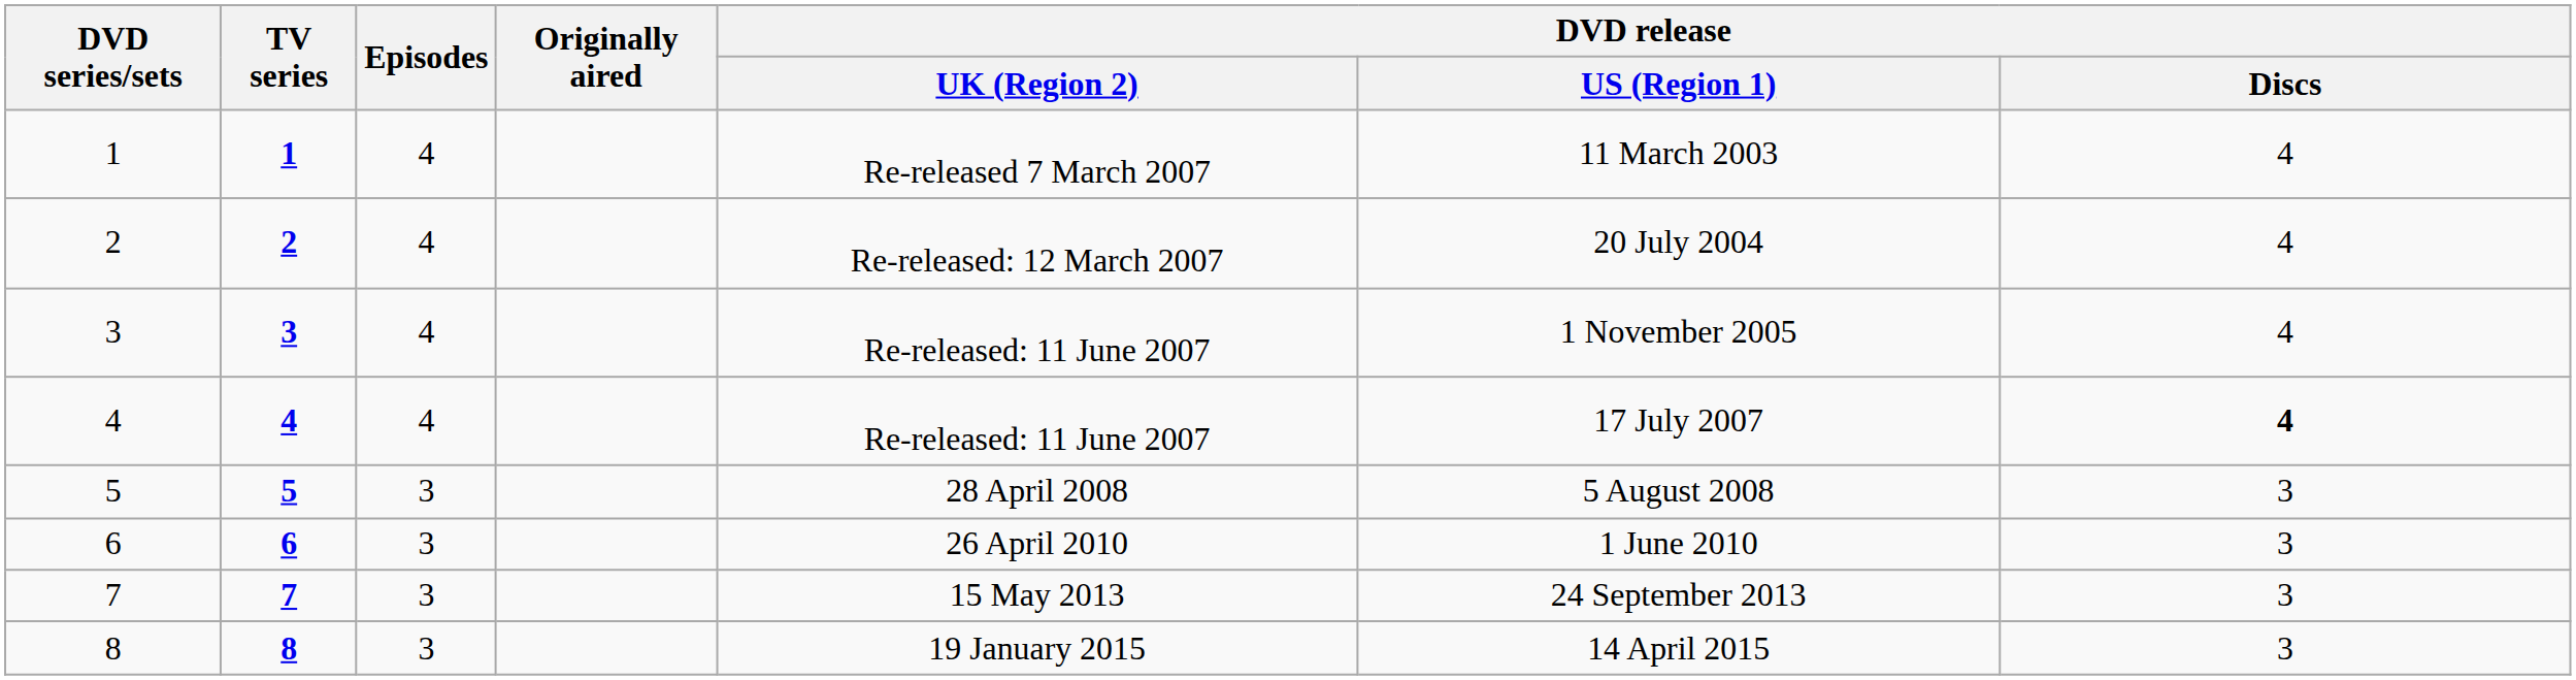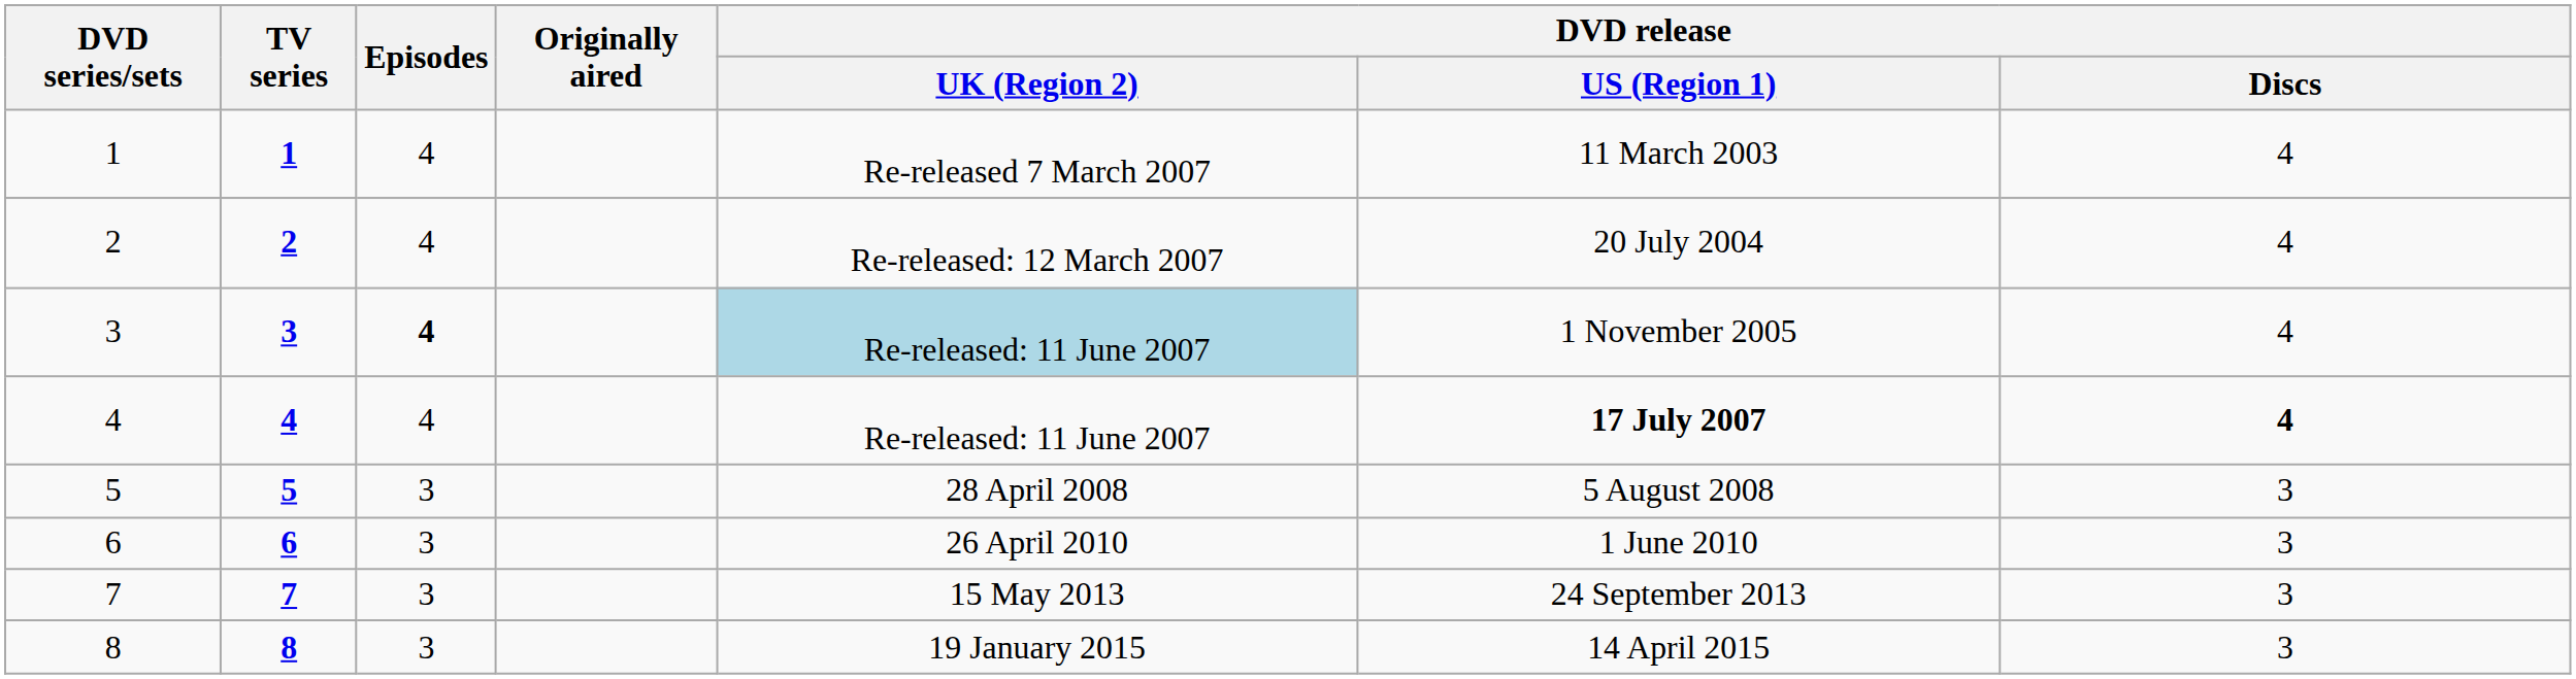 <table class="wikitable" style="width:99%; text-align:center;">
 <tr>
 <th rowspan="2">DVD series/sets</th>
 <th rowspan="2">TV series</th>
 <th rowspan="2">Episodes</th>
 <th rowspan="2" style="width:100px;">Originally aired</th>
 <th colspan="4" style="width:550px;">DVD release</th>
 </tr>
 <tr>
 <th style="width:25%;"><a href='#'>UK (Region 2)</a></th>
 <th style="width:25%;"><a href='#'>US (Region 1)</a></th>
 <th style="width:50px; text-align:center;">Discs</th>
 </tr>
 <tr>
 <td>1</td>
 <td><strong><a href='#'>1</a></strong></td>
 <td>4</td>
 <td></td>
 <td><br>Re-released 7 March 2007</td>
 <td>11 March 2003</td>
 <td>4</td>
 </tr>
 <tr>
 <td>2</td>
 <td><strong><a href='#'>2</a></strong></td>
 <td>4</td>
 <td></td>
 <td><br>Re-released: 12 March 2007</td>
 <td>20 July 2004</td>
 <td>4</td>
 </tr>
 <tr>
 <td>3</td>
 <td><strong><a href='#'>3</a></strong></td>
-<td>4</td>
+<td><strong>4</strong></td>
 <td></td>
-<td><br>Re-released: 11 June 2007</td>
+<td style="background: lightblue;"><br>Re-released: 11 June 2007</td>
 <td>1 November 2005</td>
 <td>4</td>
 </tr>
 <tr>
 <td>4</td>
 <td><strong><a href='#'>4</a></strong></td>
 <td>4</td>
 <td></td>
 <td><br>Re-released: 11 June 2007</td>
-<td>17 July 2007</td>
+<td><strong>17 July 2007</strong></td>
 <td><strong>4</strong></td>
 </tr>
 <tr>
 <td>5</td>
 <td><strong><a href='#'>5</a></strong></td>
 <td>3</td>
 <td></td>
 <td>28 April 2008</td>
 <td>5 August 2008</td>
 <td>3</td>
 </tr>
 <tr>
 <td>6</td>
 <td><strong><a href='#'>6</a></strong></td>
 <td>3</td>
 <td></td>
 <td>26 April 2010</td>
 <td>1 June 2010</td>
 <td>3</td>
 </tr>
 <tr>
 <td>7</td>
 <td><strong><a href='#'>7</a></strong></td>
 <td>3</td>
 <td></td>
 <td>15 May 2013</td>
 <td>24 September 2013</td>
 <td>3</td>
 </tr>
 <tr>
 <td>8</td>
 <td><strong><a href='#'>8</a></strong></td>
 <td>3</td>
 <td></td>
 <td>19 January 2015</td>
 <td>14 April 2015</td>
 <td>3</td>
 </tr>
 </table>
